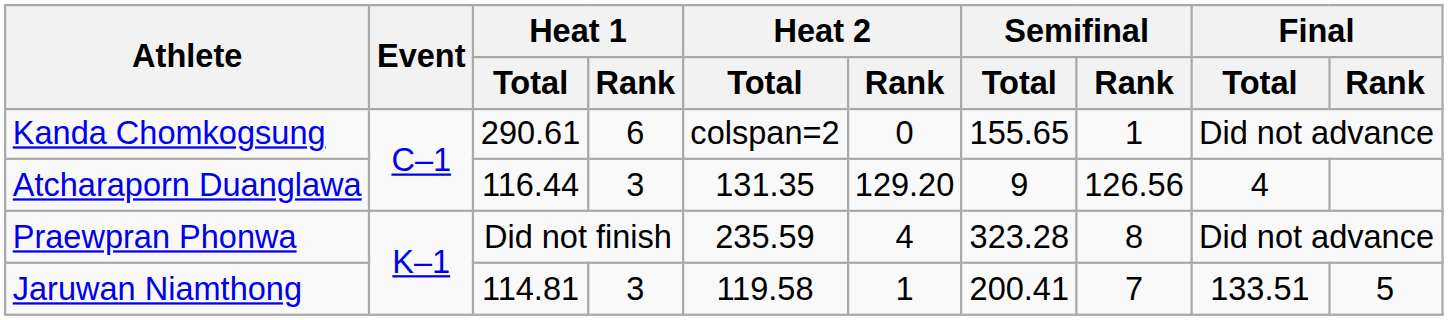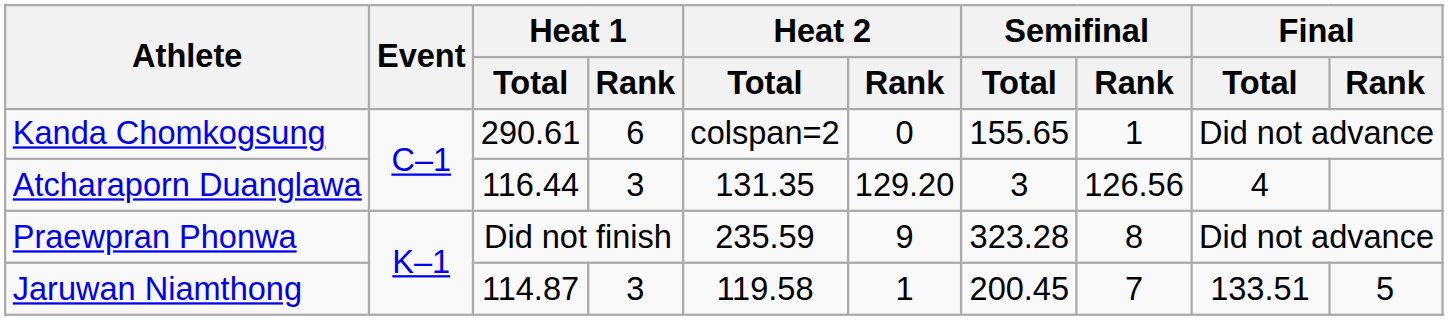 <table class=wikitable style="text-align:center; font-size:90%">
 <tr>
 <th rowspan="2">Athlete</th>
 <th rowspan="2">Event</th>
 <th colspan="2">Heat 1</th>
 <th colspan="2">Heat 2</th>
 <th colspan="2">Semifinal</th>
 <th colspan="2">Final</th>
 </tr>
 <tr>
 <th>Total</th>
 <th>Rank</th>
 <th>Total</th>
 <th>Rank</th>
 <th>Total</th>
 <th>Rank</th>
 <th>Total</th>
 <th>Rank</th>
 </tr>
 <tr>
 <td style="text-align:left"><a href='#'>Kanda Chomkogsung</a></td>
 <td rowspan=2><a href='#'>C–1</a></td>
 <td>290.61</td>
 <td>6</td>
 <td>colspan=2 </td>
 <td>0 <strong></strong></td>
 <td>155.65</td>
 <td>1</td>
 <td colspan=2>Did not advance</td>
 </tr>
 <tr>
 <td style="text-align:left"><a href='#'>Atcharaporn Duanglawa</a></td>
 <td>116.44</td>
 <td>3 <strong></strong></td>
 <td>131.35</td>
 <td>129.20</td>
-<td>9 <strong></strong></td>
+<td>3 <strong></strong></td>
 <td>126.56</td>
 <td>4</td>
 </tr>
 <tr>
 <td style="text-align:left"><a href='#'>Praewpran Phonwa</a></td>
 <td rowspan=2><a href='#'>K–1</a></td>
 <td colspan=2>Did not finish</td>
 <td>235.59</td>
-<td>4 <strong></strong></td>
+<td>9 <strong></strong></td>
 <td>323.28</td>
 <td>8</td>
 <td colspan=2>Did not advance</td>
 </tr>
 <tr>
 <td style="text-align:left"><a href='#'>Jaruwan Niamthong</a></td>
-<td>114.81</td>
+<td>114.87</td>
 <td>3</td>
 <td>119.58</td>
 <td>1 <strong></strong></td>
-<td>200.41</td>
+<td>200.45</td>
 <td>7 <strong></strong></td>
 <td>133.51</td>
 <td>5</td>
 </tr>
 </table>
